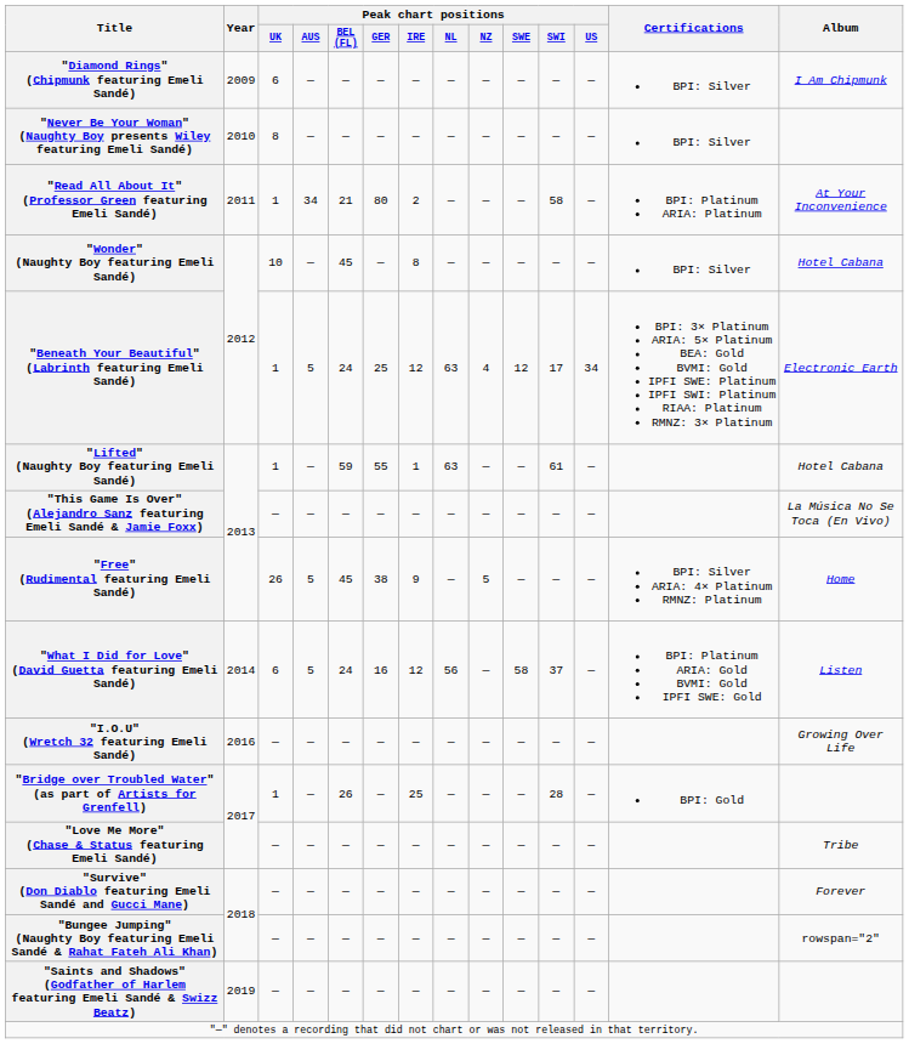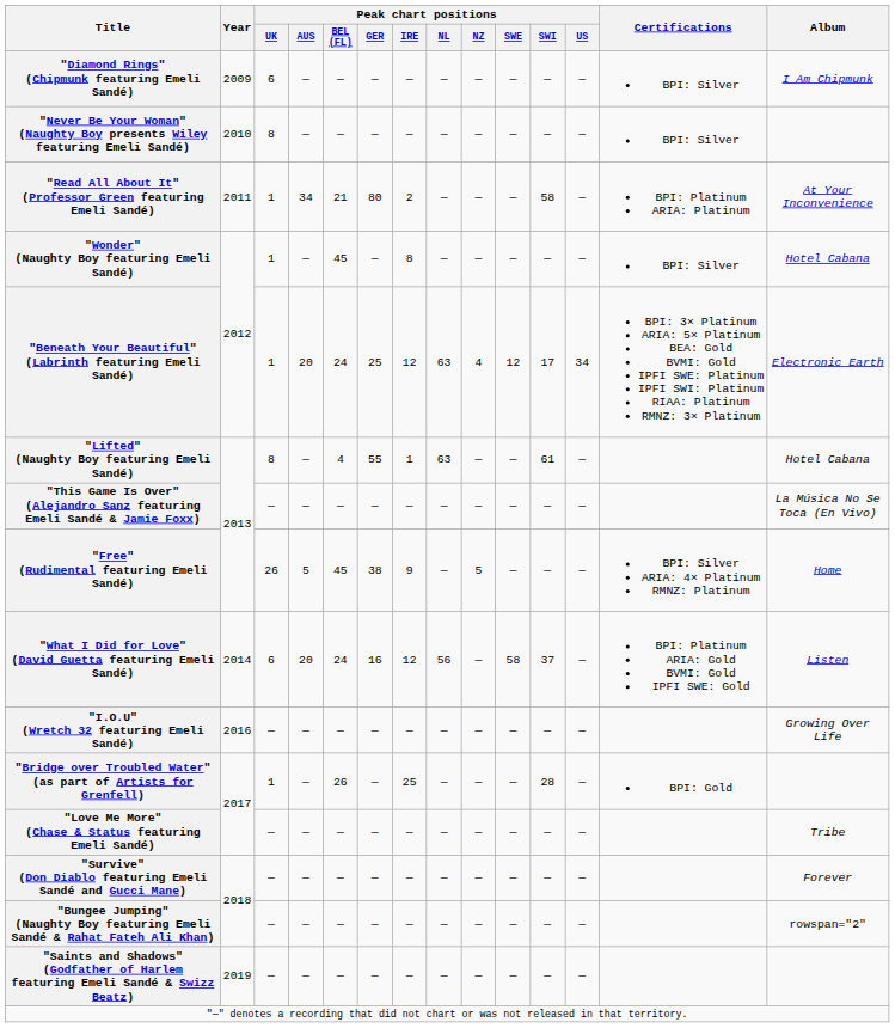 <table class="wikitable plainrowheaders" style="text-align:center;">
 <tr>
 <th scope="col" rowspan="2" style="width:18em;">Title</th>
 <th scope="col" rowspan="2" style="width:1em;">Year</th>
 <th scope="col" colspan="10">Peak chart positions</th>
 <th scope="col" rowspan="2"><a href='#'>Certifications</a></th>
 <th scope="col" rowspan="2" style="width:10em;">Album</th>
 </tr>
 <tr>
 <th scope="col" style="width:3em;font-size:85%;"><a href='#'>UK</a><br></th>
 <th scope="col" style="width:3em;font-size:85%;"><a href='#'>AUS</a><br></th>
 <th scope="col" style="width:3em;font-size:85%;"><a href='#'>BEL<br>(FL)</a><br></th>
 <th scope="col" style="width:3em;font-size:85%;"><a href='#'>GER</a><br></th>
 <th scope="col" style="width:3em;font-size:85%;"><a href='#'>IRE</a><br></th>
 <th scope="col" style="width:3em;font-size:85%;"><a href='#'>NL</a><br></th>
 <th scope="col" style="width:3em;font-size:85%;"><a href='#'>NZ</a><br></th>
 <th scope="col" style="width:3em;font-size:85%;"><a href='#'>SWE</a><br></th>
 <th scope="col" style="width:3em;font-size:85%;"><a href='#'>SWI</a><br></th>
 <th scope="col" style="width:3em;font-size:85%;"><a href='#'>US</a><br></th>
 </tr>
 <tr>
 <th scope="row">"<a href='#'>Diamond Rings</a>"<br><span>(<a href='#'>Chipmunk</a> featuring Emeli Sandé)</span></th>
 <td>2009</td>
 <td>6</td>
 <td>—</td>
 <td>—</td>
 <td>—</td>
 <td>—</td>
 <td>—</td>
 <td>—</td>
 <td>—</td>
 <td>—</td>
 <td>—</td>
 <td><br><ul><li>BPI: Silver</li></ul></td>
 <td><em><a href='#'>I Am Chipmunk</a></em></td>
 </tr>
 <tr>
 <th scope="row">"<a href='#'>Never Be Your Woman</a>"<br><span>(<a href='#'>Naughty Boy</a> presents <a href='#'>Wiley</a> featuring Emeli Sandé)</span></th>
 <td>2010</td>
 <td>8</td>
 <td>—</td>
 <td>—</td>
 <td>—</td>
 <td>—</td>
 <td>—</td>
 <td>—</td>
 <td>—</td>
 <td>—</td>
 <td>—</td>
 <td><br><ul><li>BPI: Silver</li></ul></td>
 <td></td>
 </tr>
 <tr>
 <th scope="row">"<a href='#'>Read All About It</a>"<br><span>(<a href='#'>Professor Green</a> featuring Emeli Sandé)</span></th>
 <td>2011</td>
 <td>1</td>
 <td>34</td>
 <td>21</td>
 <td>80</td>
 <td>2</td>
 <td>—</td>
 <td>—</td>
 <td>—</td>
 <td>58</td>
 <td>—</td>
 <td><br><ul><li>BPI: Platinum</li><li>ARIA: Platinum</li></ul></td>
 <td><em><a href='#'>At Your Inconvenience</a></em></td>
 </tr>
 <tr>
 <th scope="row">"<a href='#'>Wonder</a>"<br><span>(Naughty Boy featuring Emeli Sandé)</span></th>
 <td rowspan="2">2012</td>
-<td>10</td>
+<td>1</td>
 <td>—</td>
 <td>45</td>
 <td>—</td>
 <td>8</td>
 <td>—</td>
 <td>—</td>
 <td>—</td>
 <td>—</td>
 <td>—</td>
 <td><br><ul><li>BPI: Silver</li></ul></td>
 <td><em><a href='#'>Hotel Cabana</a></em></td>
 </tr>
 <tr>
 <th scope="row">"<a href='#'>Beneath Your Beautiful</a>"<br><span>(<a href='#'>Labrinth</a> featuring Emeli Sandé)</span></th>
 <td>1</td>
-<td>5</td>
+<td>20</td>
 <td>24</td>
 <td>25</td>
 <td>12</td>
 <td>63</td>
 <td>4</td>
 <td>12</td>
 <td>17</td>
 <td>34</td>
 <td><br><ul><li>BPI: 3× Platinum</li><li>ARIA: 5× Platinum</li><li>BEA: Gold</li><li>BVMI: Gold</li><li>IPFI SWE: Platinum</li><li>IPFI SWI: Platinum</li><li>RIAA: Platinum</li><li>RMNZ: 3× Platinum</li></ul></td>
 <td><em><a href='#'>Electronic Earth</a></em></td>
 </tr>
 <tr>
 <th scope="row">"<a href='#'>Lifted</a>"<br><span>(Naughty Boy featuring Emeli Sandé)</span></th>
 <td rowspan="3">2013</td>
-<td>1</td>
+<td>8</td>
 <td>—</td>
-<td>59</td>
+<td>4</td>
 <td>55</td>
 <td>1</td>
 <td>63</td>
 <td>—</td>
 <td>—</td>
 <td>61</td>
 <td>—</td>
 <td></td>
 <td><em>Hotel Cabana</em></td>
 </tr>
 <tr>
 <th scope="row">"This Game Is Over"<br><span>(<a href='#'>Alejandro Sanz</a> featuring Emeli Sandé & <a href='#'>Jamie Foxx</a>)</span></th>
 <td>—</td>
 <td>—</td>
 <td>—</td>
 <td>—</td>
 <td>—</td>
 <td>—</td>
 <td>—</td>
 <td>—</td>
 <td>—</td>
 <td>—</td>
 <td></td>
 <td><em>La Música No Se Toca (En Vivo)</em></td>
 </tr>
 <tr>
 <th scope="row">"<a href='#'>Free</a>"<br><span>(<a href='#'>Rudimental</a> featuring Emeli Sandé)</span></th>
 <td>26</td>
 <td>5</td>
 <td>45</td>
 <td>38</td>
 <td>9</td>
 <td>—</td>
 <td>5</td>
 <td>—</td>
 <td>—</td>
 <td>—</td>
 <td><br><ul><li>BPI: Silver</li><li>ARIA: 4× Platinum</li><li>RMNZ: Platinum</li></ul></td>
 <td><em><a href='#'>Home</a></em></td>
 </tr>
 <tr>
 <th scope="row">"<a href='#'>What I Did for Love</a>"<br><span>(<a href='#'>David Guetta</a> featuring Emeli Sandé)</span></th>
 <td>2014</td>
 <td>6</td>
-<td>5</td>
+<td>20</td>
 <td>24</td>
 <td>16</td>
 <td>12</td>
 <td>56</td>
 <td>—</td>
 <td>58</td>
 <td>37</td>
 <td>—</td>
 <td><br><ul><li>BPI: Platinum</li><li>ARIA: Gold</li><li>BVMI: Gold</li><li>IPFI SWE: Gold</li></ul></td>
 <td><em><a href='#'>Listen</a></em></td>
 </tr>
 <tr>
 <th scope="row">"I.O.U"<br><span>(<a href='#'>Wretch 32</a> featuring Emeli Sandé)</span></th>
 <td>2016</td>
 <td>—</td>
 <td>—</td>
 <td>—</td>
 <td>—</td>
 <td>—</td>
 <td>—</td>
 <td>—</td>
 <td>—</td>
 <td>—</td>
 <td>—</td>
 <td></td>
 <td><em>Growing Over Life</em></td>
 </tr>
 <tr>
 <th scope="row">"<a href='#'>Bridge over Troubled Water</a>"<br><span>(as part of <a href='#'>Artists for Grenfell</a>)</span></th>
 <td rowspan="2">2017</td>
 <td>1</td>
 <td>—</td>
 <td>26</td>
 <td>—</td>
 <td>25</td>
 <td>—</td>
 <td>—</td>
 <td>—</td>
 <td>28</td>
 <td>—</td>
 <td><br><ul><li>BPI: Gold</li></ul></td>
 <td></td>
 </tr>
 <tr>
 <th scope="row">"Love Me More"<br><span>(<a href='#'>Chase & Status</a> featuring Emeli Sandé)</span></th>
 <td>—</td>
 <td>—</td>
 <td>—</td>
 <td>—</td>
 <td>—</td>
 <td>—</td>
 <td>—</td>
 <td>—</td>
 <td>—</td>
 <td>—</td>
 <td></td>
 <td><em>Tribe</em></td>
 </tr>
 <tr>
 <th scope="row">"Survive"<br><span>(<a href='#'>Don Diablo</a> featuring Emeli Sandé and <a href='#'>Gucci Mane</a>)</span></th>
 <td rowspan="2">2018</td>
 <td>—</td>
 <td>—</td>
 <td>—</td>
 <td>—</td>
 <td>—</td>
 <td>—</td>
 <td>—</td>
 <td>—</td>
 <td>—</td>
 <td>—</td>
 <td></td>
 <td><em>Forever</em></td>
 </tr>
 <tr>
 <th scope="row">"Bungee Jumping"<br><span>(Naughty Boy featuring Emeli Sandé & <a href='#'>Rahat Fateh Ali Khan</a>)</span></th>
 <td>—</td>
 <td>—</td>
 <td>—</td>
 <td>—</td>
 <td>—</td>
 <td>—</td>
 <td>—</td>
 <td>—</td>
 <td>—</td>
 <td>—</td>
 <td></td>
 <td>rowspan="2" </td>
 </tr>
 <tr>
 <th scope="row">"Saints and Shadows"<br><span>(<a href='#'>Godfather of Harlem</a> featuring Emeli Sandé & <a href='#'>Swizz Beatz</a>)</span></th>
 <td>2019</td>
 <td>—</td>
 <td>—</td>
 <td>—</td>
 <td>—</td>
 <td>—</td>
 <td>—</td>
 <td>—</td>
 <td>—</td>
 <td>—</td>
 <td>—</td>
 <td></td>
 </tr>
 <tr>
 <td colspan="20" style="font-size:85%">"—" denotes a recording that did not chart or was not released in that territory.</td>
 </tr>
 </table>
